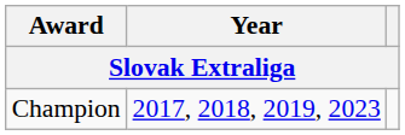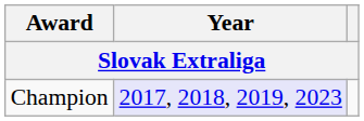 <table class="wikitable">
 <tr>
 <th>Award</th>
 <th>Year</th>
 <th></th>
 </tr>
 <tr>
 <th colspan="3"><a href='#'>Slovak Extraliga</a></th>
 </tr>
 <tr>
 <td>Champion</td>
-<td><a href='#'>2017</a>, <a href='#'>2018</a>, <a href='#'>2019</a>, <a href='#'>2023</a></td>
+<td style="background: lavender;"><a href='#'>2017</a>, <a href='#'>2018</a>, <a href='#'>2019</a>, <a href='#'>2023</a></td>
 <td></td>
 </tr>
 </table>
